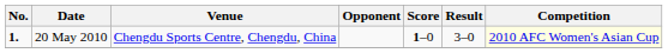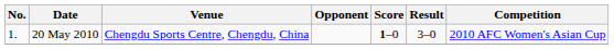 <table class="wikitable">
 <tr>
 <th>No.</th>
 <th>Date</th>
 <th>Venue</th>
 <th>Opponent</th>
 <th>Score</th>
 <th>Result</th>
 <th>Competition</th>
 </tr>
 <tr>
-<td><strong>1.</strong></td>
+<td>1.</td>
 <td>20 May 2010</td>
 <td><a href='#'>Chengdu Sports Centre</a>, <a href='#'>Chengdu</a>, <a href='#'>China</a></td>
 <td></td>
 <td align=center><strong>1</strong>–0</td>
 <td align=center>3–0</td>
-<td style="background: lightyellow;"><a href='#'>2010 AFC Women's Asian Cup</a></td>
+<td><a href='#'>2010 AFC Women's Asian Cup</a></td>
 </tr>
 <tr>
 </tr>
 </table>
